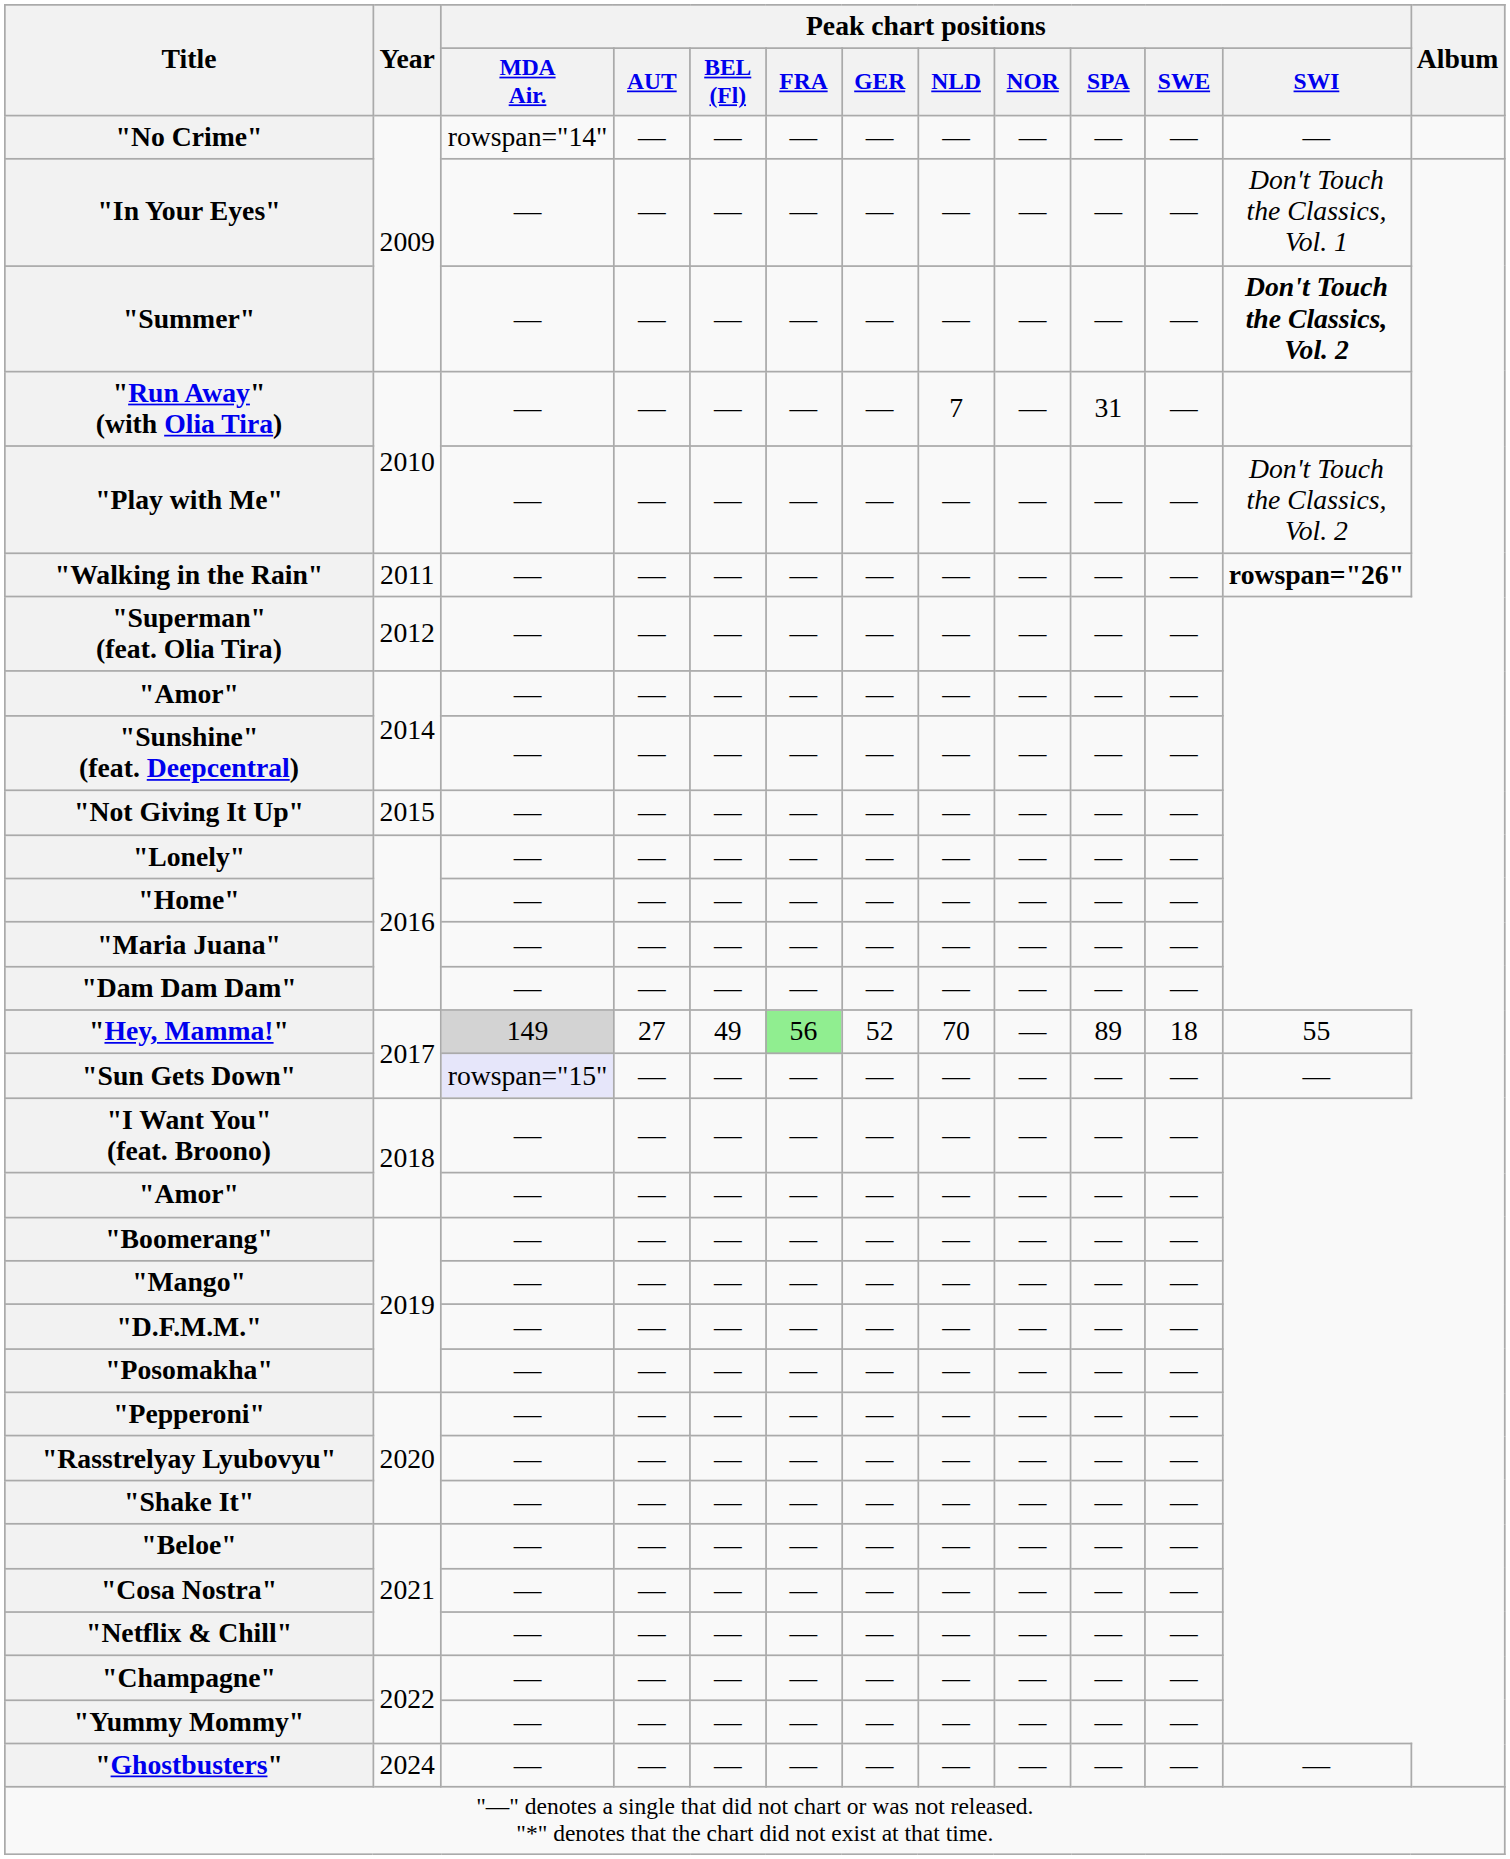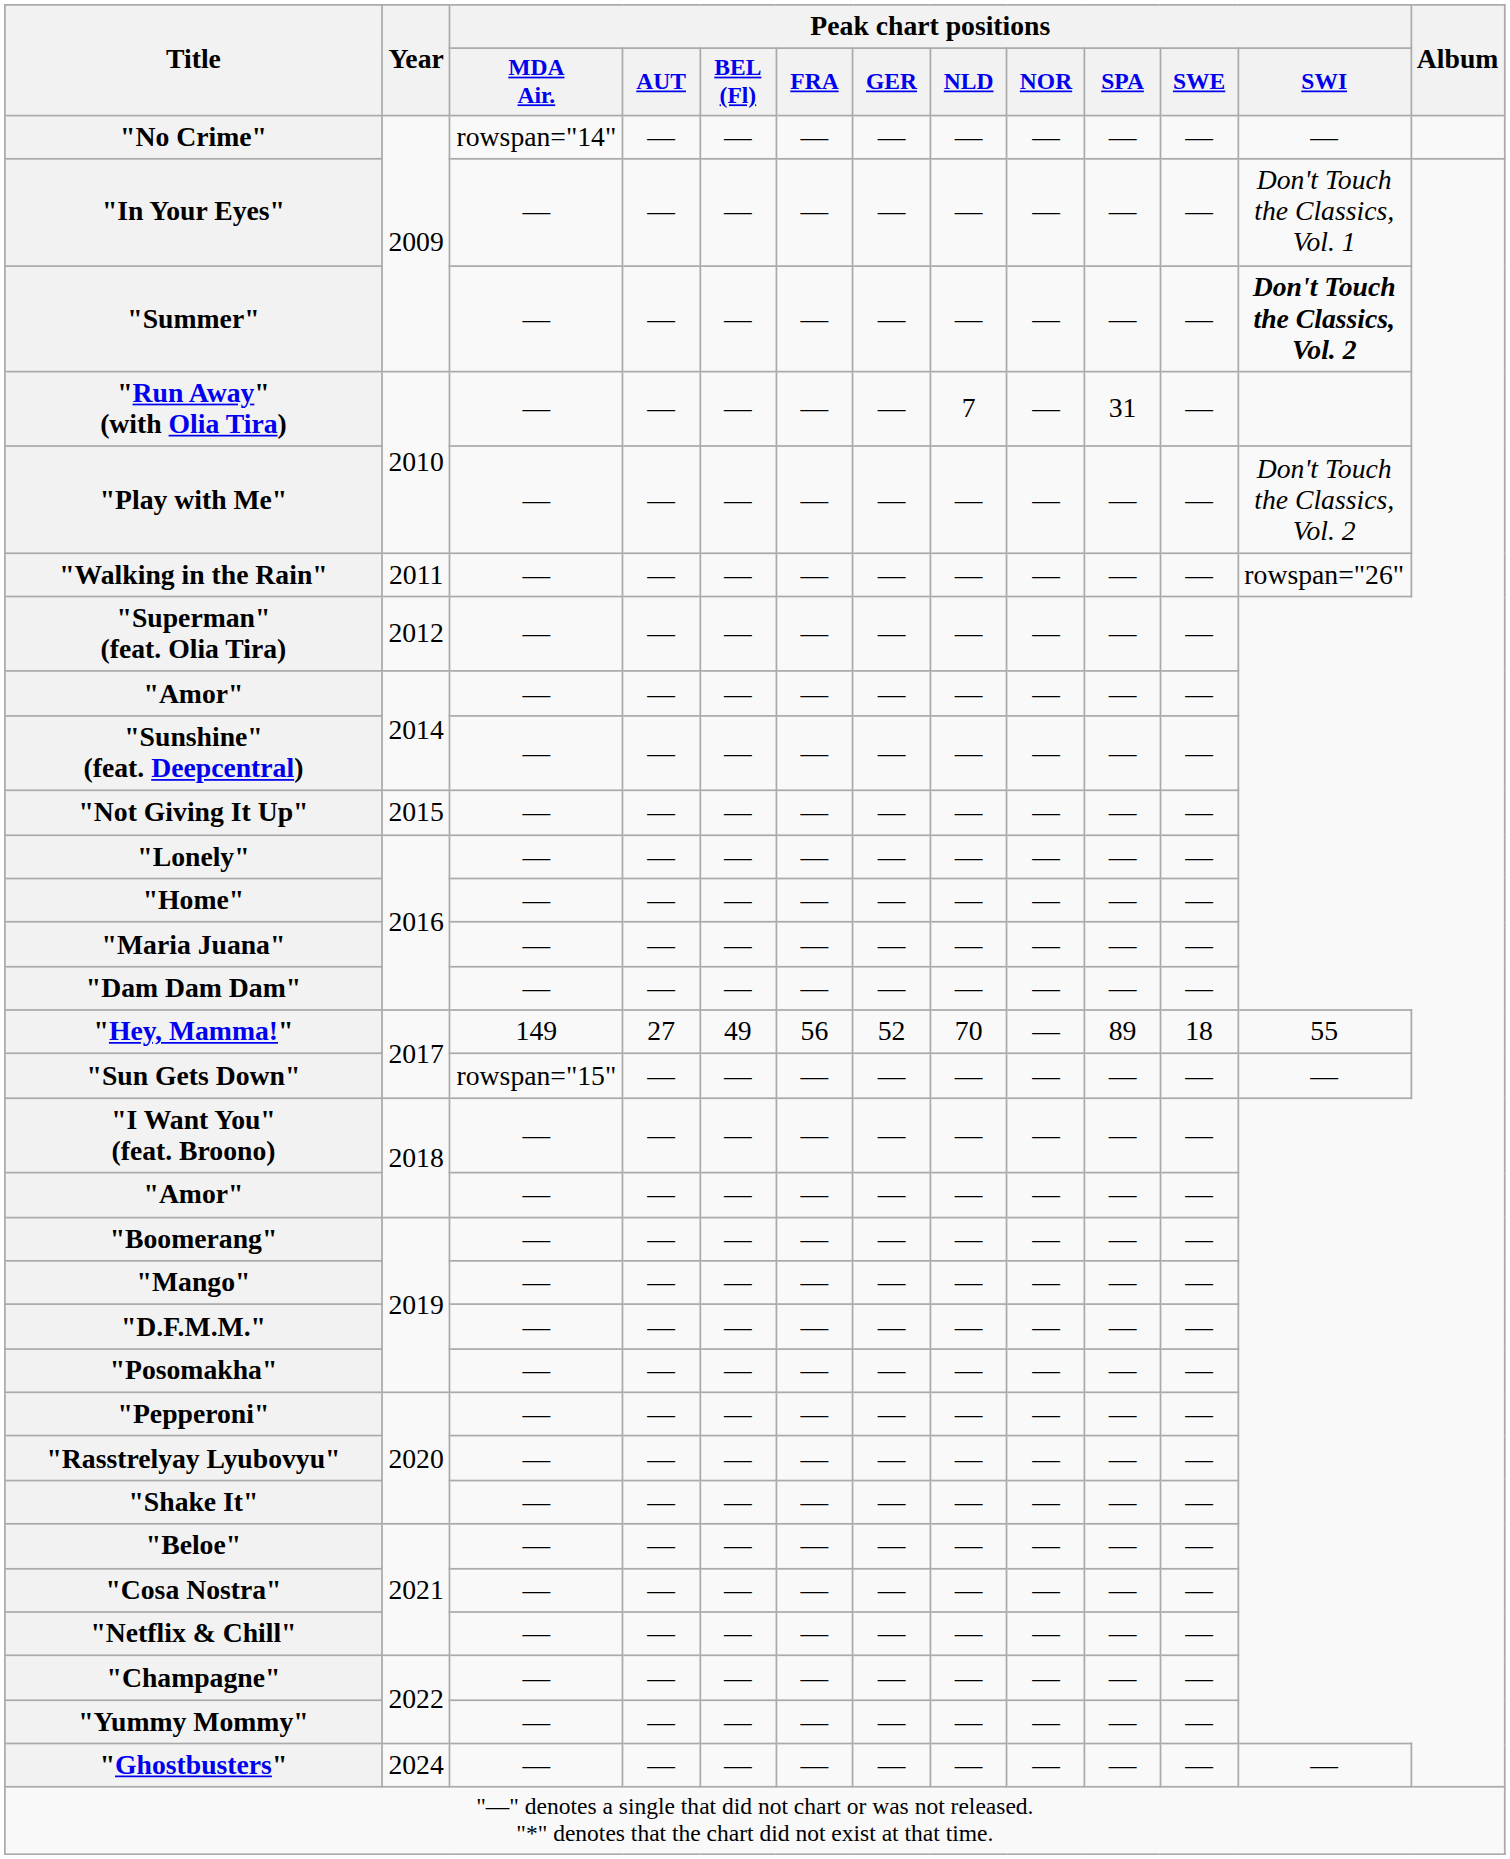 <table class="wikitable plainrowheaders" style="text-align:center;">
 <tr>
 <th scope="col" rowspan="2" style="width:15em;">Title</th>
 <th scope="col" rowspan="2" style="width:1em;">Year</th>
 <th colspan="10">Peak chart positions</th>
 <th scope="col" rowspan="2">Album</th>
 </tr>
 <tr>
 <th scope="col" style="width:3em;font-size:85%;"><a href='#'>MDA<br>Air.</a><br></th>
 <th scope="col" style="width:3em;font-size:85%;"><a href='#'>AUT</a><br></th>
 <th scope="col" style="width:3em;font-size:85%;"><a href='#'>BEL<br>(Fl)</a><br></th>
 <th scope="col" style="width:3em;font-size:85%;"><a href='#'>FRA</a><br></th>
 <th scope="col" style="width:3em;font-size:85%;"><a href='#'>GER</a><br></th>
 <th scope="col" style="width:3em;font-size:85%;"><a href='#'>NLD</a><br></th>
 <th scope="col" style="width:3em;font-size:85%;"><a href='#'>NOR</a><br></th>
 <th scope="col" style="width:3em;font-size:85%;"><a href='#'>SPA</a><br></th>
 <th scope="col" style="width:3em;font-size:85%;"><a href='#'>SWE</a><br></th>
 <th scope="col" style="width:3em;font-size:85%;"><a href='#'>SWI</a><br></th>
 </tr>
 <tr>
 <th scope="row">"No Crime"</th>
 <td rowspan="3">2009</td>
 <td>rowspan="14" </td>
 <td>—</td>
 <td>—</td>
 <td>—</td>
 <td>—</td>
 <td>—</td>
 <td>—</td>
 <td>—</td>
 <td>—</td>
 <td>—</td>
 <td></td>
 </tr>
 <tr>
 <th scope="row">"In Your Eyes"</th>
 <td>—</td>
 <td>—</td>
 <td>—</td>
 <td>—</td>
 <td>—</td>
 <td>—</td>
 <td>—</td>
 <td>—</td>
 <td>—</td>
 <td><em>Don't Touch the Classics, Vol. 1</em></td>
 </tr>
 <tr>
 <th scope="row">"Summer"</th>
 <td>—</td>
 <td>—</td>
 <td>—</td>
 <td>—</td>
 <td>—</td>
 <td>—</td>
 <td>—</td>
 <td>—</td>
 <td>—</td>
 <td><strong><em>Don't Touch the Classics, Vol. 2</em></strong></td>
 </tr>
 <tr>
 <th scope="row">"<a href='#'>Run Away</a>"<br><span>(with <a href='#'>Olia Tira</a>)</span></th>
 <td rowspan="2">2010</td>
 <td>—</td>
 <td>—</td>
 <td>—</td>
 <td>—</td>
 <td>—</td>
 <td>7</td>
 <td>—</td>
 <td>31</td>
 <td>—</td>
 <td></td>
 </tr>
 <tr>
 <th scope="row">"Play with Me"</th>
 <td>—</td>
 <td>—</td>
 <td>—</td>
 <td>—</td>
 <td>—</td>
 <td>—</td>
 <td>—</td>
 <td>—</td>
 <td>—</td>
 <td><em>Don't Touch the Classics, Vol. 2</em></td>
 </tr>
 <tr>
 <th scope="row">"Walking in the Rain"</th>
 <td>2011</td>
 <td>—</td>
 <td>—</td>
 <td>—</td>
 <td>—</td>
 <td>—</td>
 <td>—</td>
 <td>—</td>
 <td>—</td>
 <td>—</td>
-<td><strong>rowspan="26" </strong></td>
+<td>rowspan="26" </td>
 </tr>
 <tr>
 <th scope="row">"Superman"<br><span>(feat. Olia Tira)</span></th>
 <td>2012</td>
 <td>—</td>
 <td>—</td>
 <td>—</td>
 <td>—</td>
 <td>—</td>
 <td>—</td>
 <td>—</td>
 <td>—</td>
 <td>—</td>
 </tr>
 <tr>
 <th scope="row">"Amor"</th>
 <td rowspan="2">2014</td>
 <td>—</td>
 <td>—</td>
 <td>—</td>
 <td>—</td>
 <td>—</td>
 <td>—</td>
 <td>—</td>
 <td>—</td>
 <td>—</td>
 </tr>
 <tr>
 <th scope="row">"Sunshine"<br><span>(feat. <a href='#'>Deepcentral</a>)</span></th>
 <td>—</td>
 <td>—</td>
 <td>—</td>
 <td>—</td>
 <td>—</td>
 <td>—</td>
 <td>—</td>
 <td>—</td>
 <td>—</td>
 </tr>
 <tr>
 <th scope="row">"Not Giving It Up"</th>
 <td>2015</td>
 <td>—</td>
 <td>—</td>
 <td>—</td>
 <td>—</td>
 <td>—</td>
 <td>—</td>
 <td>—</td>
 <td>—</td>
 <td>—</td>
 </tr>
 <tr>
 <th scope="row">"Lonely"</th>
 <td rowspan="4">2016</td>
 <td>—</td>
 <td>—</td>
 <td>—</td>
 <td>—</td>
 <td>—</td>
 <td>—</td>
 <td>—</td>
 <td>—</td>
 <td>—</td>
 </tr>
 <tr>
 <th scope="row">"Home"</th>
 <td>—</td>
 <td>—</td>
 <td>—</td>
 <td>—</td>
 <td>—</td>
 <td>—</td>
 <td>—</td>
 <td>—</td>
 <td>—</td>
 </tr>
 <tr>
 <th scope="row">"Maria Juana"</th>
 <td>—</td>
 <td>—</td>
 <td>—</td>
 <td>—</td>
 <td>—</td>
 <td>—</td>
 <td>—</td>
 <td>—</td>
 <td>—</td>
 </tr>
 <tr>
 <th scope="row">"Dam Dam Dam"</th>
 <td>—</td>
 <td>—</td>
 <td>—</td>
 <td>—</td>
 <td>—</td>
 <td>—</td>
 <td>—</td>
 <td>—</td>
 <td>—</td>
 </tr>
 <tr>
 <th scope="row">"<a href='#'>Hey, Mamma!</a>"</th>
 <td rowspan="2">2017</td>
-<td style="background: lightgrey;">149</td>
+<td>149</td>
 <td>27</td>
 <td>49</td>
-<td style="background: lightgreen;">56</td>
+<td>56</td>
 <td>52</td>
 <td>70</td>
 <td>—</td>
 <td>89</td>
 <td>18</td>
 <td>55</td>
 </tr>
 <tr>
 <th scope="row">"Sun Gets Down"</th>
-<td style="background: lavender;">rowspan="15" </td>
+<td>rowspan="15" </td>
 <td>—</td>
 <td>—</td>
 <td>—</td>
 <td>—</td>
 <td>—</td>
 <td>—</td>
 <td>—</td>
 <td>—</td>
 <td>—</td>
 </tr>
 <tr>
 <th scope="row">"I Want You"<br><span>(feat. Broono)</span></th>
 <td rowspan="2">2018</td>
 <td>—</td>
 <td>—</td>
 <td>—</td>
 <td>—</td>
 <td>—</td>
 <td>—</td>
 <td>—</td>
 <td>—</td>
 <td>—</td>
 </tr>
 <tr>
 <th scope="row">"Amor"</th>
 <td>—</td>
 <td>—</td>
 <td>—</td>
 <td>—</td>
 <td>—</td>
 <td>—</td>
 <td>—</td>
 <td>—</td>
 <td>—</td>
 </tr>
 <tr>
 <th scope="row">"Boomerang"</th>
 <td rowspan="4">2019</td>
 <td>—</td>
 <td>—</td>
 <td>—</td>
 <td>—</td>
 <td>—</td>
 <td>—</td>
 <td>—</td>
 <td>—</td>
 <td>—</td>
 </tr>
 <tr>
 <th scope="row">"Mango"</th>
 <td>—</td>
 <td>—</td>
 <td>—</td>
 <td>—</td>
 <td>—</td>
 <td>—</td>
 <td>—</td>
 <td>—</td>
 <td>—</td>
 </tr>
 <tr>
 <th scope="row">"D.F.M.M."</th>
 <td>—</td>
 <td>—</td>
 <td>—</td>
 <td>—</td>
 <td>—</td>
 <td>—</td>
 <td>—</td>
 <td>—</td>
 <td>—</td>
 </tr>
 <tr>
 <th scope="row">"Рosomakha"</th>
 <td>—</td>
 <td>—</td>
 <td>—</td>
 <td>—</td>
 <td>—</td>
 <td>—</td>
 <td>—</td>
 <td>—</td>
 <td>—</td>
 </tr>
 <tr>
 <th scope="row">"Pepperoni"</th>
 <td rowspan="3">2020</td>
 <td>—</td>
 <td>—</td>
 <td>—</td>
 <td>—</td>
 <td>—</td>
 <td>—</td>
 <td>—</td>
 <td>—</td>
 <td>—</td>
 </tr>
 <tr>
 <th scope="row">"Rasstrelyay Lyubovyu"</th>
 <td>—</td>
 <td>—</td>
 <td>—</td>
 <td>—</td>
 <td>—</td>
 <td>—</td>
 <td>—</td>
 <td>—</td>
 <td>—</td>
 </tr>
 <tr>
 <th scope="row">"Shake It"<br></th>
 <td>—</td>
 <td>—</td>
 <td>—</td>
 <td>—</td>
 <td>—</td>
 <td>—</td>
 <td>—</td>
 <td>—</td>
 <td>—</td>
 </tr>
 <tr>
 <th scope="row">"Beloe"</th>
 <td rowspan="3">2021</td>
 <td>—</td>
 <td>—</td>
 <td>—</td>
 <td>—</td>
 <td>—</td>
 <td>—</td>
 <td>—</td>
 <td>—</td>
 <td>—</td>
 </tr>
 <tr>
 <th scope="row">"Cosa Nostra"</th>
 <td>—</td>
 <td>—</td>
 <td>—</td>
 <td>—</td>
 <td>—</td>
 <td>—</td>
 <td>—</td>
 <td>—</td>
 <td>—</td>
 </tr>
 <tr>
 <th scope="row">"Netflix & Chill"<br></th>
 <td>—</td>
 <td>—</td>
 <td>—</td>
 <td>—</td>
 <td>—</td>
 <td>—</td>
 <td>—</td>
 <td>—</td>
 <td>—</td>
 </tr>
 <tr>
 <th scope="row">"Champagne"</th>
 <td rowspan="2">2022</td>
 <td>—</td>
 <td>—</td>
 <td>—</td>
 <td>—</td>
 <td>—</td>
 <td>—</td>
 <td>—</td>
 <td>—</td>
 <td>—</td>
 </tr>
 <tr>
 <th scope="row">"Yummy Mommy"</th>
 <td>—</td>
 <td>—</td>
 <td>—</td>
 <td>—</td>
 <td>—</td>
 <td>—</td>
 <td>—</td>
 <td>—</td>
 <td>—</td>
 </tr>
 <tr>
 <th scope="row">"<a href='#'>Ghostbusters</a>"</th>
 <td rowspan="1">2024</td>
 <td>—</td>
 <td>—</td>
 <td>—</td>
 <td>—</td>
 <td>—</td>
 <td>—</td>
 <td>—</td>
 <td>—</td>
 <td>—</td>
 <td>—</td>
 </tr>
 <tr>
 <td colspan="13" style="text-align:center; font-size:85%;">"—" denotes a single that did not chart or was not released.<br>"*" denotes that the chart did not exist at that time.</td>
 </tr>
 </table>
